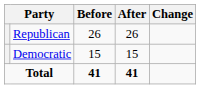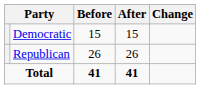 <table class="wikitable" style="text-align:center;">
 <tr>
 <th colspan="2">Party</th>
 <th>Before</th>
 <th>After</th>
 <th>Change</th>
 </tr>
 <tr>
 <th style="background-color:"></th>
-<td style="text-align:left;"><a href='#'>Republican</a></td>
-<td>26</td>
-<td>26</td>
+<td style="text-align:left;"><a href='#'>Democratic</a></td>
+<td>15</td>
+<td>15</td>
 <td></td>
 </tr>
 <tr>
 <th style="background-color:"></th>
-<td style="text-align:left;"><a href='#'>Democratic</a></td>
-<td>15</td>
-<td>15</td>
+<td style="text-align:left;"><a href='#'>Republican</a></td>
+<td>26</td>
+<td>26</td>
 <td></td>
 </tr>
 <tr>
 <td colspan="2"><strong>Total</strong></td>
 <td><strong>41</strong></td>
 <td><strong>41</strong></td>
 <td></td>
 </tr>
 </table>
